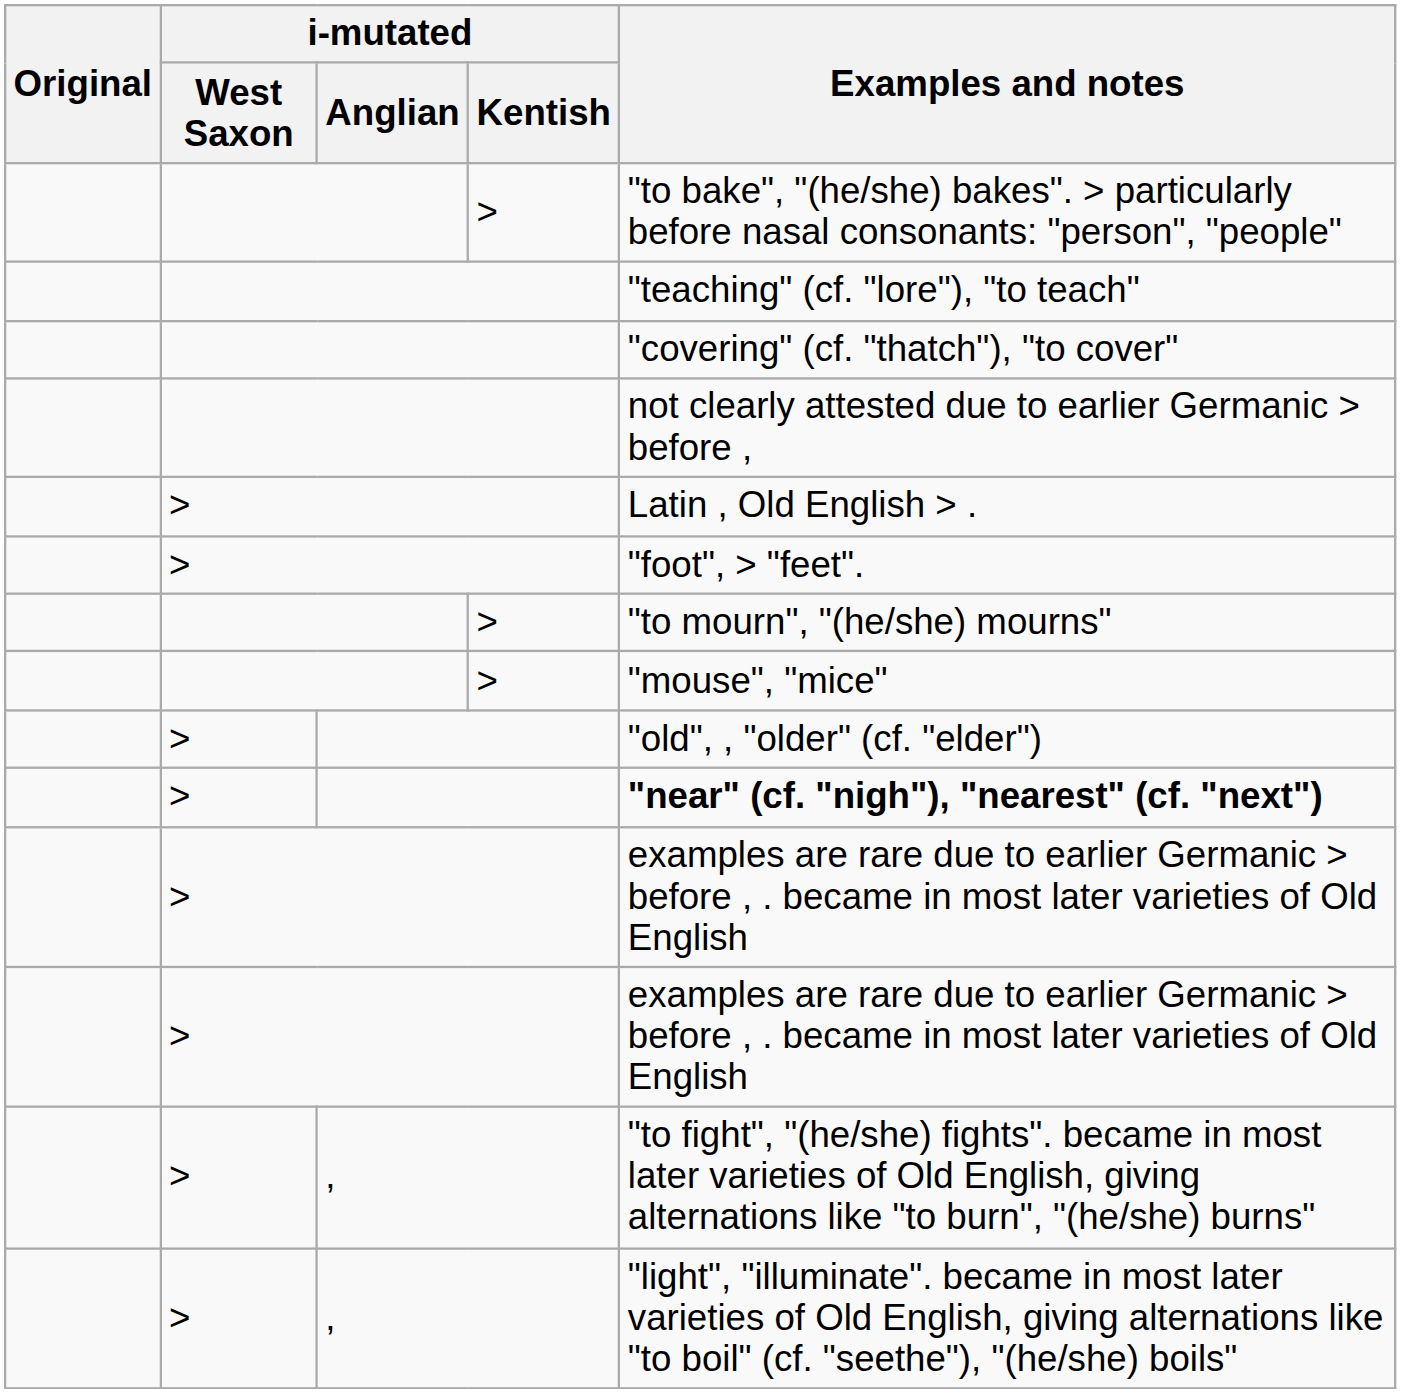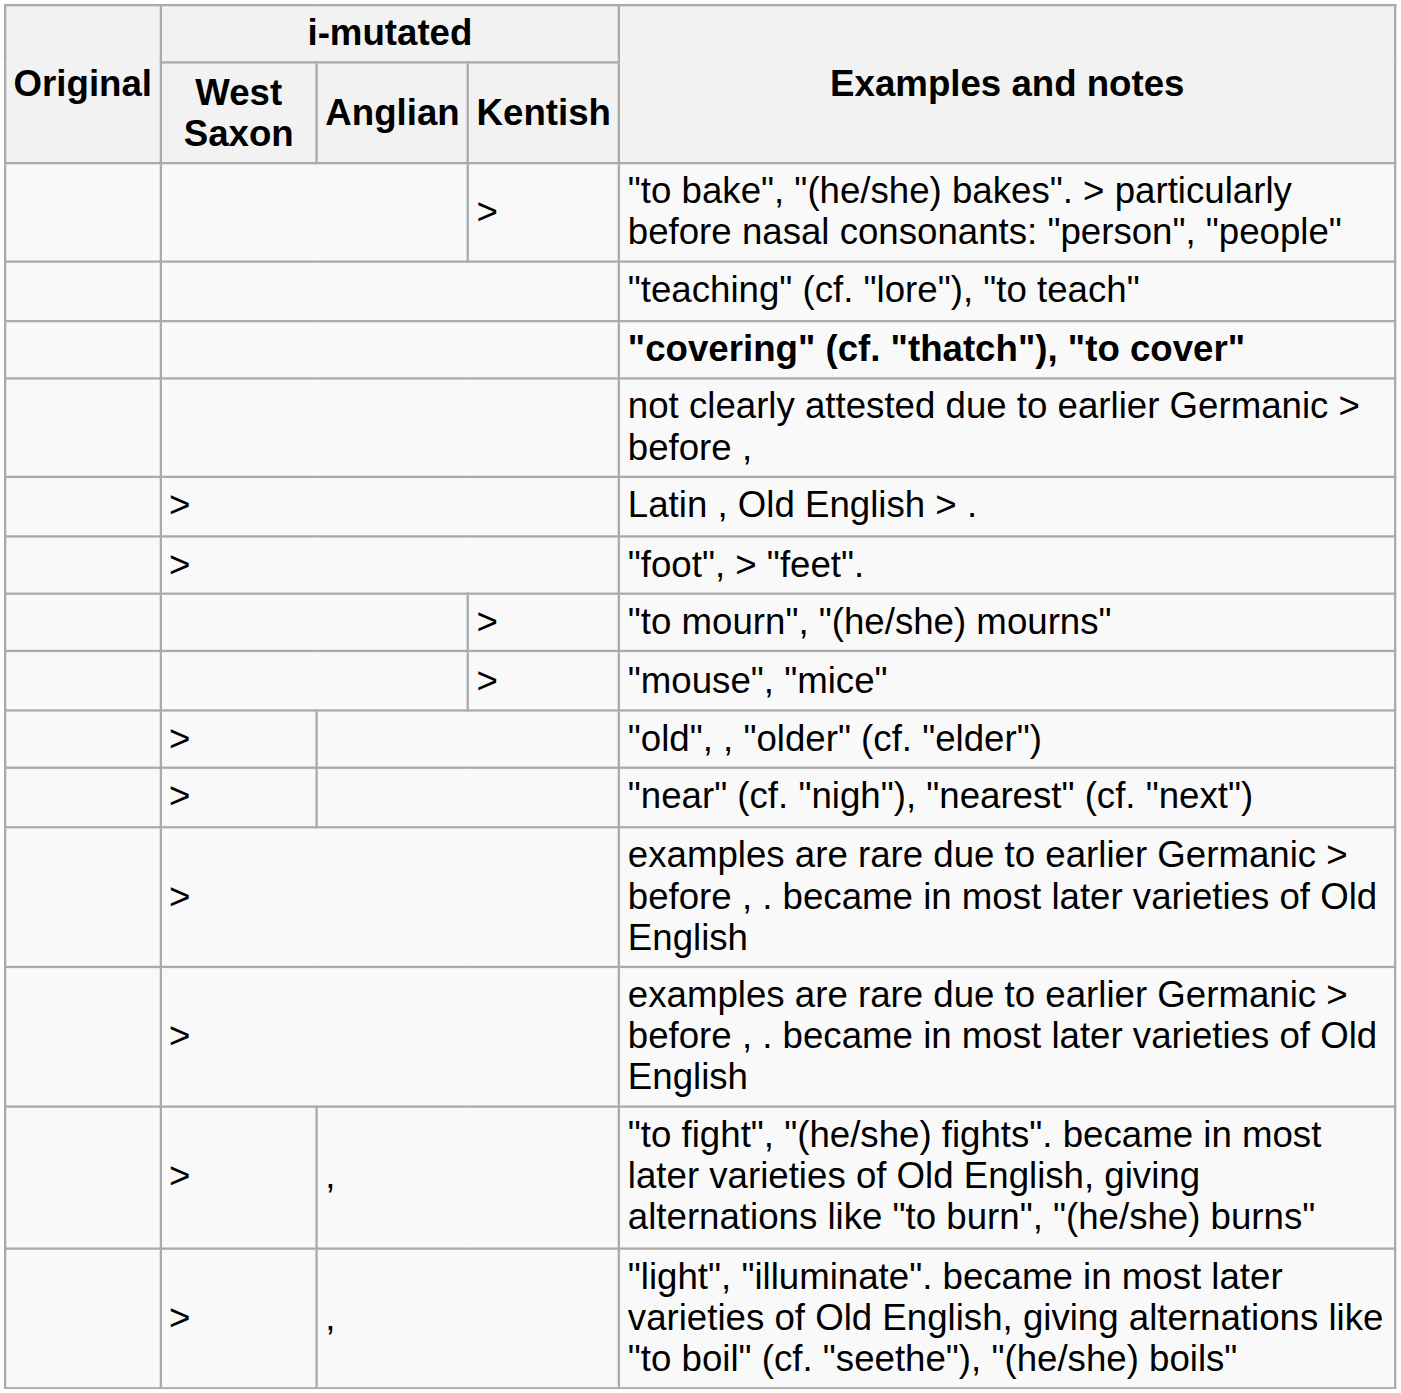 <table class="wikitable">
 <tr>
 <th rowspan=2>Original</th>
 <th colspan=3>i-mutated</th>
 <th rowspan=2>Examples and notes</th>
 </tr>
 <tr>
 <th>West Saxon</th>
 <th>Anglian</th>
 <th>Kentish</th>
 </tr>
 <tr>
 <td></td>
 <td colspan="2"></td>
 <td> > </td>
 <td> "to bake",  "(he/she) bakes".  >  particularly before nasal consonants:  "person",  "people"</td>
 </tr>
 <tr>
 <td></td>
 <td colspan="3"></td>
 <td> "teaching" (cf. "lore"),  "to teach"</td>
 </tr>
 <tr>
 <td></td>
 <td colspan="3"></td>
-<td> "covering" (cf. "thatch"),  "to cover"</td>
+<td><strong> "covering" (cf. "thatch"),  "to cover"</strong></td>
 </tr>
 <tr>
 <td></td>
 <td colspan="3"></td>
 <td>not clearly attested due to earlier Germanic  >  before , </td>
 </tr>
 <tr>
 <td></td>
 <td colspan="3"> > </td>
 <td>Latin , Old English  > .</td>
 </tr>
 <tr>
 <td></td>
 <td colspan="3"> > </td>
 <td> "foot",  >  "feet".</td>
 </tr>
 <tr>
 <td></td>
 <td colspan="2"></td>
 <td> > </td>
 <td> "to mourn",  "(he/she) mourns"</td>
 </tr>
 <tr>
 <td></td>
 <td colspan="2"></td>
 <td> > </td>
 <td> "mouse",  "mice"</td>
 </tr>
 <tr>
 <td></td>
 <td> > </td>
 <td colspan="2"></td>
 <td> "old", ,  "older" (cf. "elder")</td>
 </tr>
 <tr>
 <td></td>
 <td> > </td>
 <td colspan="2"></td>
-<td><strong> "near" (cf. "nigh"),  "nearest" (cf. "next")</strong></td>
+<td> "near" (cf. "nigh"),  "nearest" (cf. "next")</td>
 </tr>
 <tr>
 <td></td>
 <td colspan="3"> > </td>
 <td>examples are rare due to earlier Germanic  >  before , .  became  in most later varieties of Old English</td>
 </tr>
 <tr>
 <td></td>
 <td colspan="3"> > </td>
 <td>examples are rare due to earlier Germanic  >  before , .  became  in most later varieties of Old English</td>
 </tr>
 <tr>
 <td></td>
 <td> > </td>
 <td colspan="2">, </td>
 <td> "to fight",  "(he/she) fights".  became  in most later varieties of Old English, giving alternations like  "to burn",  "(he/she) burns"</td>
 </tr>
 <tr>
 <td></td>
 <td> > </td>
 <td colspan="2">, </td>
 <td> "light",  "illuminate".  became  in most later varieties of Old English, giving alternations like  "to boil" (cf. "seethe"),  "(he/she) boils"</td>
 </tr>
 </table>
